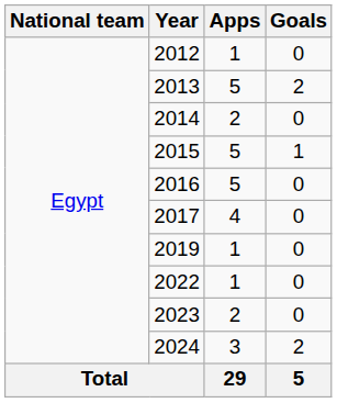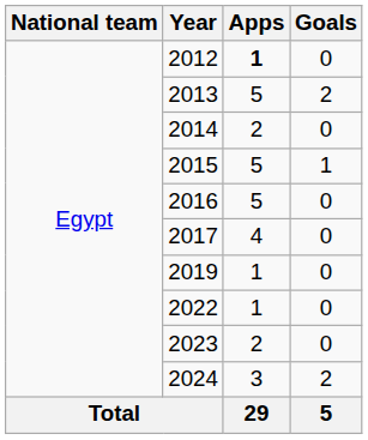 <table class="wikitable" style="text-align:center">
 <tr>
 <th>National team</th>
 <th>Year</th>
 <th>Apps</th>
 <th>Goals</th>
 </tr>
 <tr>
 <td rowspan="10"><a href='#'>Egypt</a></td>
 <td>2012</td>
-<td>1</td>
+<td><strong>1</strong></td>
 <td>0</td>
 </tr>
 <tr>
 <td>2013</td>
 <td>5</td>
 <td>2</td>
 </tr>
 <tr>
 <td>2014</td>
 <td>2</td>
 <td>0</td>
 </tr>
 <tr>
 <td>2015</td>
 <td>5</td>
 <td>1</td>
 </tr>
 <tr>
 <td>2016</td>
 <td>5</td>
 <td>0</td>
 </tr>
 <tr>
 <td>2017</td>
 <td>4</td>
 <td>0</td>
 </tr>
 <tr>
 <td>2019</td>
 <td>1</td>
 <td>0</td>
 </tr>
 <tr>
 <td>2022</td>
 <td>1</td>
 <td>0</td>
 </tr>
 <tr>
 <td>2023</td>
 <td>2</td>
 <td>0</td>
 </tr>
 <tr>
 <td>2024</td>
 <td>3</td>
 <td>2</td>
 </tr>
 <tr>
 <th colspan="2">Total</th>
 <th>29</th>
 <th>5</th>
 </tr>
 </table>
